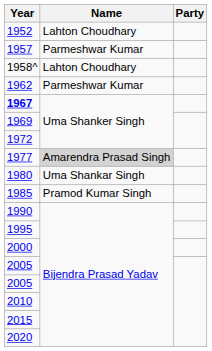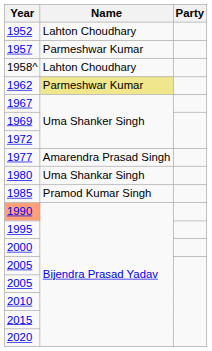 <table class="wikitable sortable">
 <tr>
 <th>Year</th>
 <th>Name</th>
 <th colspan="2">Party</th>
 </tr>
 <tr>
 <td><a href='#'>1952</a></td>
 <td>Lahton Choudhary</td>
 <td></td>
 </tr>
 <tr>
 <td><a href='#'>1957</a></td>
 <td>Parmeshwar Kumar</td>
 <td></td>
 </tr>
 <tr>
 <td>1958^</td>
 <td>Lahton Choudhary</td>
 <td></td>
 </tr>
 <tr>
 <td><a href='#'>1962</a></td>
-<td>Parmeshwar Kumar</td>
+<td style="background: khaki;">Parmeshwar Kumar</td>
 <td></td>
 </tr>
 <tr>
-<td><strong><a href='#'>1967</a></strong></td>
+<td><a href='#'>1967</a></td>
 <td rowspan="3">Uma Shanker Singh</td>
 <td></td>
 </tr>
 <tr>
 <td><a href='#'>1969</a></td>
 </tr>
 <tr>
 <td><a href='#'>1972</a></td>
 </tr>
 <tr>
 <td><a href='#'>1977</a></td>
-<td style="background: lightgrey;">Amarendra Prasad Singh</td>
+<td>Amarendra Prasad Singh</td>
 <td></td>
 </tr>
 <tr>
 <td><a href='#'>1980</a></td>
 <td>Uma Shankar Singh</td>
 <td></td>
 </tr>
 <tr>
 <td><a href='#'>1985</a></td>
 <td>Pramod Kumar Singh</td>
 <td></td>
 </tr>
 <tr>
-<td><a href='#'>1990</a></td>
+<td style="background: lightsalmon;"><a href='#'>1990</a></td>
 <td rowspan="8"><a href='#'>Bijendra Prasad Yadav</a></td>
 <td></td>
 </tr>
 <tr>
 <td><a href='#'>1995</a></td>
 </tr>
 <tr>
 <td><a href='#'>2000</a></td>
 <td></td>
 </tr>
 <tr>
 <td><a href='#'>2005</a></td>
 </tr>
 <tr>
 <td><a href='#'>2005</a></td>
 </tr>
 <tr>
 <td><a href='#'>2010</a></td>
 </tr>
 <tr>
 <td><a href='#'>2015</a></td>
 </tr>
 <tr>
 <td><a href='#'>2020</a></td>
 </tr>
 </table>
